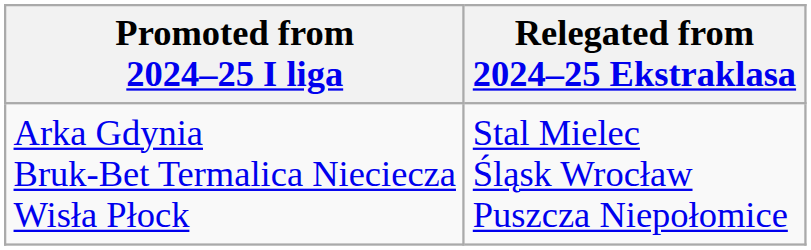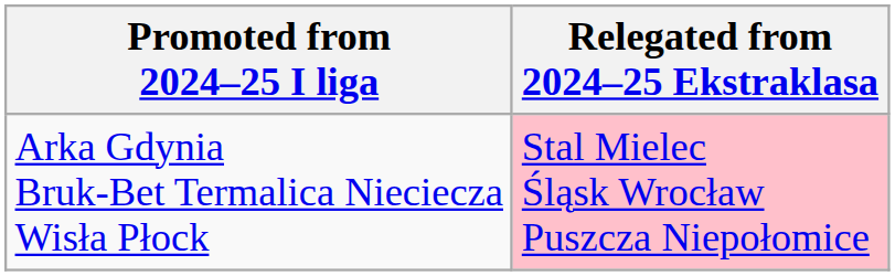 <table class="wikitable">
 <tr>
 <th>Promoted from<br><a href='#'>2024–25 I liga</a></th>
 <th>Relegated from<br><a href='#'>2024–25 Ekstraklasa</a></th>
 </tr>
 <tr>
 <td> <a href='#'>Arka Gdynia</a> <br> <a href='#'>Bruk-Bet Termalica Nieciecza</a> <br> <a href='#'>Wisła Płock</a> </td>
-<td> <a href='#'>Stal Mielec</a> <br> <a href='#'>Śląsk Wrocław</a> <br> <a href='#'>Puszcza Niepołomice</a> </td>
+<td style="background: pink;"> <a href='#'>Stal Mielec</a> <br> <a href='#'>Śląsk Wrocław</a> <br> <a href='#'>Puszcza Niepołomice</a> </td>
 </tr>
 </table>
